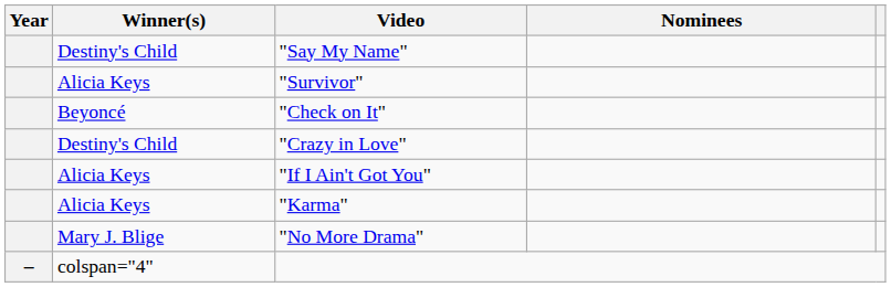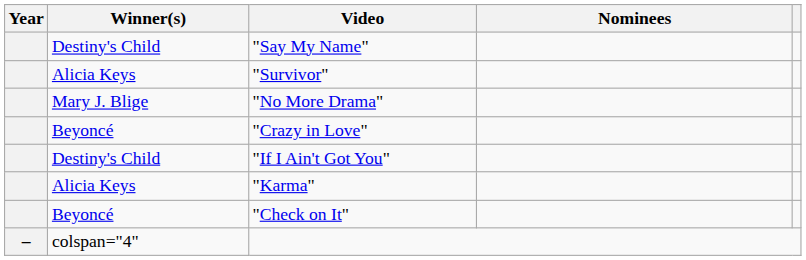 <table class="wikitable sortable">
 <tr>
 <th scope="col">Year</th>
 <th scope="col" style="width:175px;">Winner(s)</th>
 <th scope="col" style="width:200px;">Video</th>
 <th scope="col" style="width:280px;">Nominees</th>
 <th scope="col" class="unsortable"></th>
 </tr>
 <tr>
 <th scope="row"></th>
 <td><a href='#'>Destiny's Child</a></td>
 <td>"<a href='#'>Say My Name</a>"</td>
 <td></td>
 <td align="center"></td>
 </tr>
 <tr>
 <th scope="row"></th>
 <td><a href='#'>Alicia Keys</a></td>
 <td>"<a href='#'>Survivor</a>"</td>
 <td></td>
 <td align="center"></td>
 </tr>
 <tr>
 <th scope="row"></th>
+<td><a href='#'>Mary J. Blige</a></td>
+<td>"<a href='#'>No More Drama</a>"</td>
+<td></td>
+<td align="center"></td>
+</tr>
+<tr>
+<th scope="row"></th>
 <td><a href='#'>Beyoncé</a> </td>
-<td>"<a href='#'>Check on It</a>"</td>
+<td>"<a href='#'>Crazy in Love</a>"</td>
 <td></td>
 <td align="center"></td>
 </tr>
 <tr>
 <th scope="row"></th>
 <td><a href='#'>Destiny's Child</a></td>
-<td>"<a href='#'>Crazy in Love</a>"</td>
-<td></td>
-<td align="center"></td>
-</tr>
-<tr>
-<th scope="row"></th>
-<td><a href='#'>Alicia Keys</a></td>
 <td>"<a href='#'>If I Ain't Got You</a>"</td>
 <td></td>
 <td align="center"></td>
 </tr>
 <tr>
 <th scope="row"></th>
 <td><a href='#'>Alicia Keys</a></td>
 <td>"<a href='#'>Karma</a>"</td>
 <td></td>
 <td align="center"></td>
 </tr>
 <tr>
 <th scope="row"></th>
-<td><a href='#'>Mary J. Blige</a></td>
-<td>"<a href='#'>No More Drama</a>"</td>
+<td><a href='#'>Beyoncé</a> </td>
+<td>"<a href='#'>Check on It</a>"</td>
 <td></td>
 <td align="center"></td>
 </tr>
 <tr>
 <th scope="row"> – </th>
 <td>colspan="4" </td>
 </tr>
 </table>
